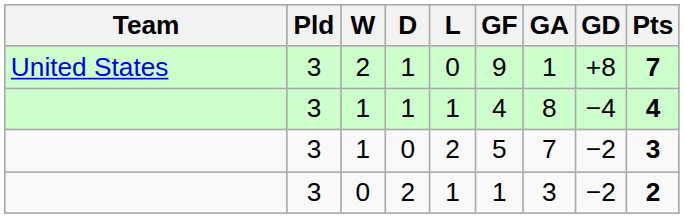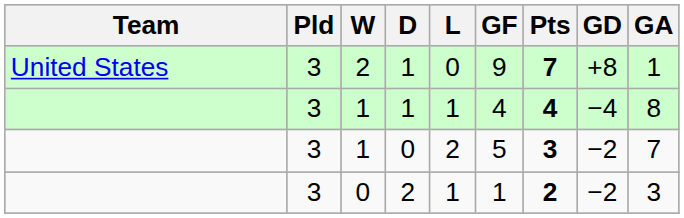 <table class="wikitable" style="text-align: center;">
 <tr>
 <th width="165">Team</th>
 <th width="20">Pld</th>
 <th width="20">W</th>
 <th width="20">D</th>
 <th width="20">L</th>
 <th width="20">GF</th>
+<th width="20">Pts</th>
+<th width="20">GD</th>
 <th width="20">GA</th>
-<th width="20">GD</th>
-<th width="20">Pts</th>
 </tr>
 <tr style="background: #ccffcc;">
 <td style="text-align:left; "> <a href='#'>United States</a></td>
 <td>3</td>
 <td>2</td>
 <td>1</td>
 <td>0</td>
 <td>9</td>
+<td><strong>7</strong></td>
+<td>+8</td>
 <td>1</td>
-<td>+8</td>
-<td><strong>7</strong></td>
 </tr>
 <tr style="background: #ccffcc;">
 <td style="text-align:left; "></td>
 <td>3</td>
 <td>1</td>
 <td>1</td>
 <td>1</td>
 <td>4</td>
+<td><strong>4</strong></td>
+<td>−4</td>
 <td>8</td>
-<td>−4</td>
-<td><strong>4</strong></td>
 </tr>
 <tr>
 <td style="text-align:left; "></td>
 <td>3</td>
 <td>1</td>
 <td>0</td>
 <td>2</td>
 <td>5</td>
+<td><strong>3</strong></td>
+<td>−2</td>
 <td>7</td>
-<td>−2</td>
-<td><strong>3</strong></td>
 </tr>
 <tr>
 <td style="text-align:left; "></td>
 <td>3</td>
 <td>0</td>
 <td>2</td>
 <td>1</td>
 <td>1</td>
+<td><strong>2</strong></td>
+<td>−2</td>
 <td>3</td>
-<td>−2</td>
-<td><strong>2</strong></td>
 </tr>
 </table>
